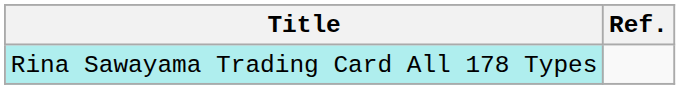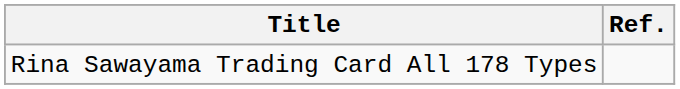 <table class="wikitable">
 <tr>
 <th>Title</th>
 <th>Ref.</th>
 </tr>
 <tr>
-<td style="background: paleturquoise;">Rina Sawayama Trading Card All 178 Types</td>
+<td>Rina Sawayama Trading Card All 178 Types</td>
 <td></td>
 </tr>
 </table>
